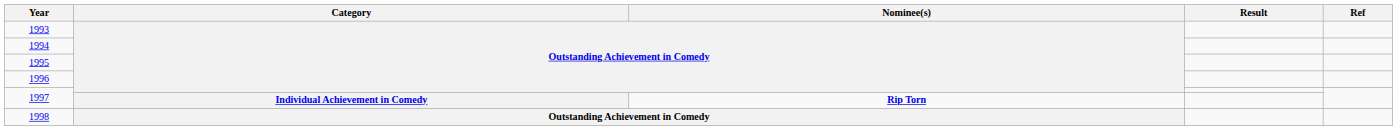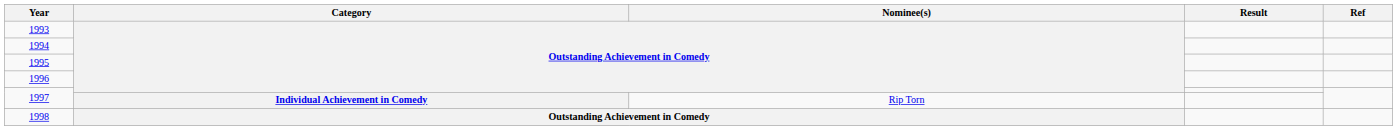 <table class="wikitable plainrowheaders" style="font-size: 90%; text-align:center" width=100%>
 <tr>
 <th scope="col" width="5%">Year</th>
 <th scope="col" width="40%">Category</th>
 <th scope="col" width="40%">Nominee(s)</th>
 <th scope="col" width="10%">Result</th>
 <th scope="col" width="5%">Ref</th>
 </tr>
 <tr>
 <td><a href='#'>1993</a></td>
 <th scope="row" style="text-align:center" rowspan="5" colspan="2"><a href='#'>Outstanding Achievement in Comedy</a></th>
 <td></td>
 <td></td>
 </tr>
 <tr>
 <td><a href='#'>1994</a></td>
 <td></td>
 <td></td>
 </tr>
 <tr>
 <td><a href='#'>1995</a></td>
 <td></td>
 <td></td>
 </tr>
 <tr>
 <td><a href='#'>1996</a></td>
 <td></td>
 <td></td>
 </tr>
 <tr>
 <td rowspan="2"><a href='#'>1997</a></td>
 <td></td>
 <td rowspan="2"></td>
 </tr>
 <tr>
 <th scope="row" style="text-align:center"><a href='#'>Individual Achievement in Comedy</a></th>
-<td><strong><a href='#'>Rip Torn</a></strong></td>
+<td><a href='#'>Rip Torn</a></td>
 <td></td>
 </tr>
 <tr>
 <td><a href='#'>1998</a></td>
 <th scope="row" style="text-align:center" colspan="2">Outstanding Achievement in Comedy</th>
 <td></td>
 <td></td>
 </tr>
 </table>
